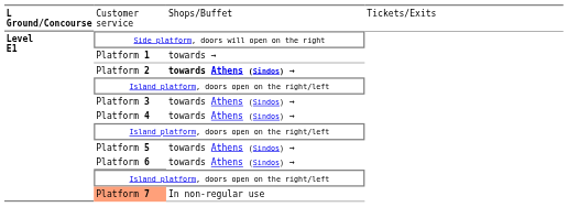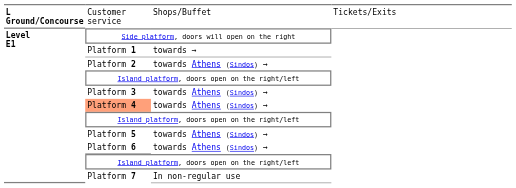 <table border=0 cellspacing=0 cellpadding=3>
 <tr>
 <td style="border-bottom:solid 2px gray;border-top:solid 2px gray;" width=50 valign=top><strong>L<br>Ground/Concourse</strong></td>
 <td style="border-top:solid 2px gray;border-bottom:solid 1px gray;" width=100 valign=top>Customer service</td>
 <td style="border-top:solid 2px gray;border-bottom:solid 1px gray;" width=285 valign=top>Shops/Buffet</td>
 <td style="border-top:solid 2px gray;border-bottom:solid 1px gray;" width=285 valign=top>Tickets/Exits</td>
 </tr>
 <tr>
 <td style="border-bottom:solid 2px gray;" rowspan=12 valign=top><strong>Level<br>Ε1</strong></td>
 <td style="border-top:solid 1px gray;border-right:solid 2px gray;border-left:solid 2px gray;border-bottom:solid 2px gray;text-align:center;" colspan=2><small><a href='#'>Side platform</a>, doors will open on the right</small></td>
 </tr>
 <tr>
 <td style="border-bottom:solid 1px gray;">Platform <span><strong>1</strong></span></td>
 <td style="border-bottom:solid 1px gray;"><strong></strong>  towards  <small></small> →</td>
 </tr>
 <tr>
 <td>Platform <span><strong>2</strong></span></td>
-<td><strong> towards <a href='#'>Athens</a> <small>(<a href='#'>Sindos</a>)</small> →</strong></td>
+<td> towards <a href='#'>Athens</a> <small>(<a href='#'>Sindos</a>)</small> →</td>
 </tr>
 <tr>
 <td style="border-top:solid 2px gray;border-right:solid 2px gray;border-left:solid 2px gray;border-bottom:solid 2px gray;text-align:center;" colspan=2><small><a href='#'>Island platform</a>, doors open on the right/left</small></td>
 </tr>
 <tr>
 <td>Platform <span><strong>3</strong></span></td>
 <td> towards <a href='#'>Athens</a> <small>(<a href='#'>Sindos</a>)</small> →</td>
 </tr>
 <tr>
-<td>Platform <span><strong>4</strong></span></td>
+<td style="background: lightsalmon;">Platform <span><strong>4</strong></span></td>
 <td> towards <a href='#'>Athens</a> <small>(<a href='#'>Sindos</a>)</small> →</td>
 </tr>
 <tr>
 <td style="border-top:solid 2px gray;border-right:solid 2px gray;border-left:solid 2px gray;border-bottom:solid 2px gray;text-align:center;" colspan=2><small><a href='#'>Island platform</a>, doors open on the right/left</small></td>
 </tr>
 <tr>
 <td>Platform <span><strong>5</strong></span></td>
 <td> towards <a href='#'>Athens</a> <small>(<a href='#'>Sindos</a>)</small> →</td>
 </tr>
 <tr>
 <td style="border-bottom:solid 1px gray;">Platform <strong>6</strong></td>
 <td> towards <a href='#'>Athens</a> <small>(<a href='#'>Sindos</a>)</small> →</td>
 </tr>
 <tr>
 <td style="border-top:solid 2px gray;border-right:solid 2px gray;border-left:solid 2px gray;border-bottom:solid 2px gray;text-align:center;" colspan=2><small><a href='#'>Island platform</a>, doors open on the right/left</small></td>
 </tr>
 <tr>
-<td style="background: lightsalmon;">Platform <span><strong>7</strong></span></td>
+<td>Platform <span><strong>7</strong></span></td>
 <td style="border-bottom:solid 1px gray;">In non-regular use</td>
 </tr>
 <tr>
 </tr>
 </table>
